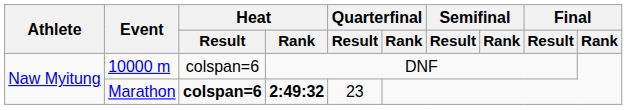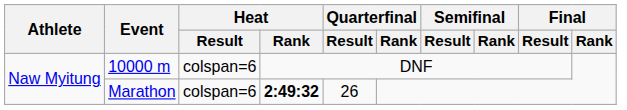 <table class="wikitable" style="font-size:90%">
 <tr>
 <th rowspan="2">Athlete</th>
 <th rowspan="2">Event</th>
 <th colspan="2">Heat</th>
 <th colspan="2">Quarterfinal</th>
 <th colspan="2">Semifinal</th>
 <th colspan="2">Final</th>
 </tr>
 <tr style="font-size:95%">
 <th>Result</th>
 <th>Rank</th>
 <th>Result</th>
 <th>Rank</th>
 <th>Result</th>
 <th>Rank</th>
 <th>Result</th>
 <th>Rank</th>
 </tr>
 <tr align=center>
 <td align=left rowspan=2><a href='#'>Naw Myitung</a></td>
 <td align=left><a href='#'>10000 m</a></td>
 <td>colspan=6 </td>
 <td colspan=6>DNF</td>
 </tr>
 <tr align=center>
 <td align=left><a href='#'>Marathon</a></td>
-<td><strong>colspan=6 </strong></td>
+<td>colspan=6 </td>
 <td><strong>2:49:32</strong></td>
-<td>23</td>
+<td>26</td>
 </tr>
 </table>
